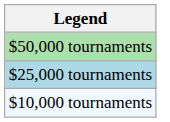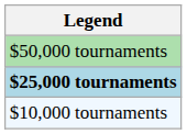 <table class="wikitable" style="font-size:85%;">
 <tr>
 <th>Legend</th>
 </tr>
 <tr bgcolor="#ADDFAD">
 <td>$50,000 tournaments</td>
 </tr>
 <tr bgcolor="lightblue">
-<td>$25,000 tournaments</td>
+<td><strong>$25,000 tournaments</strong></td>
 </tr>
 <tr bgcolor="#f0f8ff">
 <td>$10,000 tournaments</td>
 </tr>
 </table>
